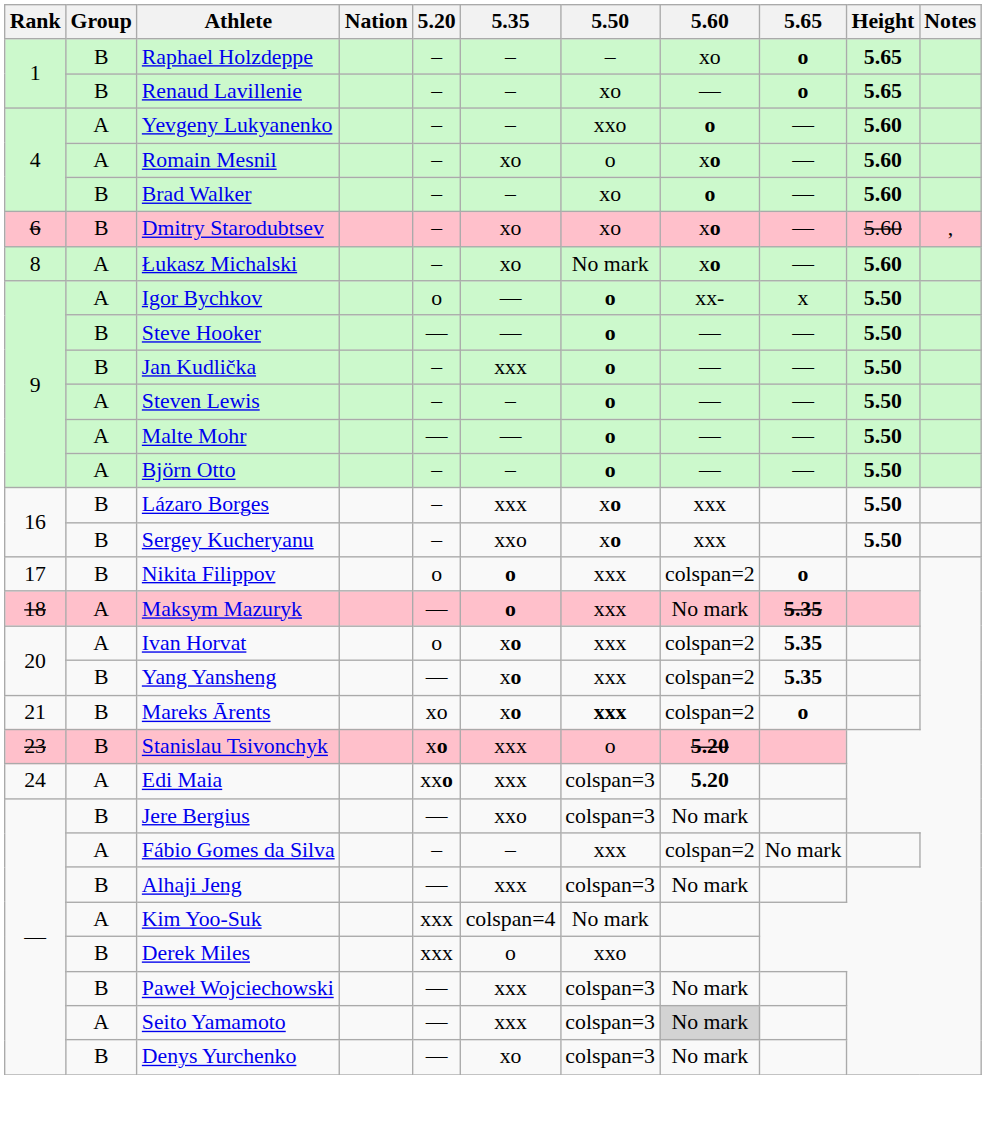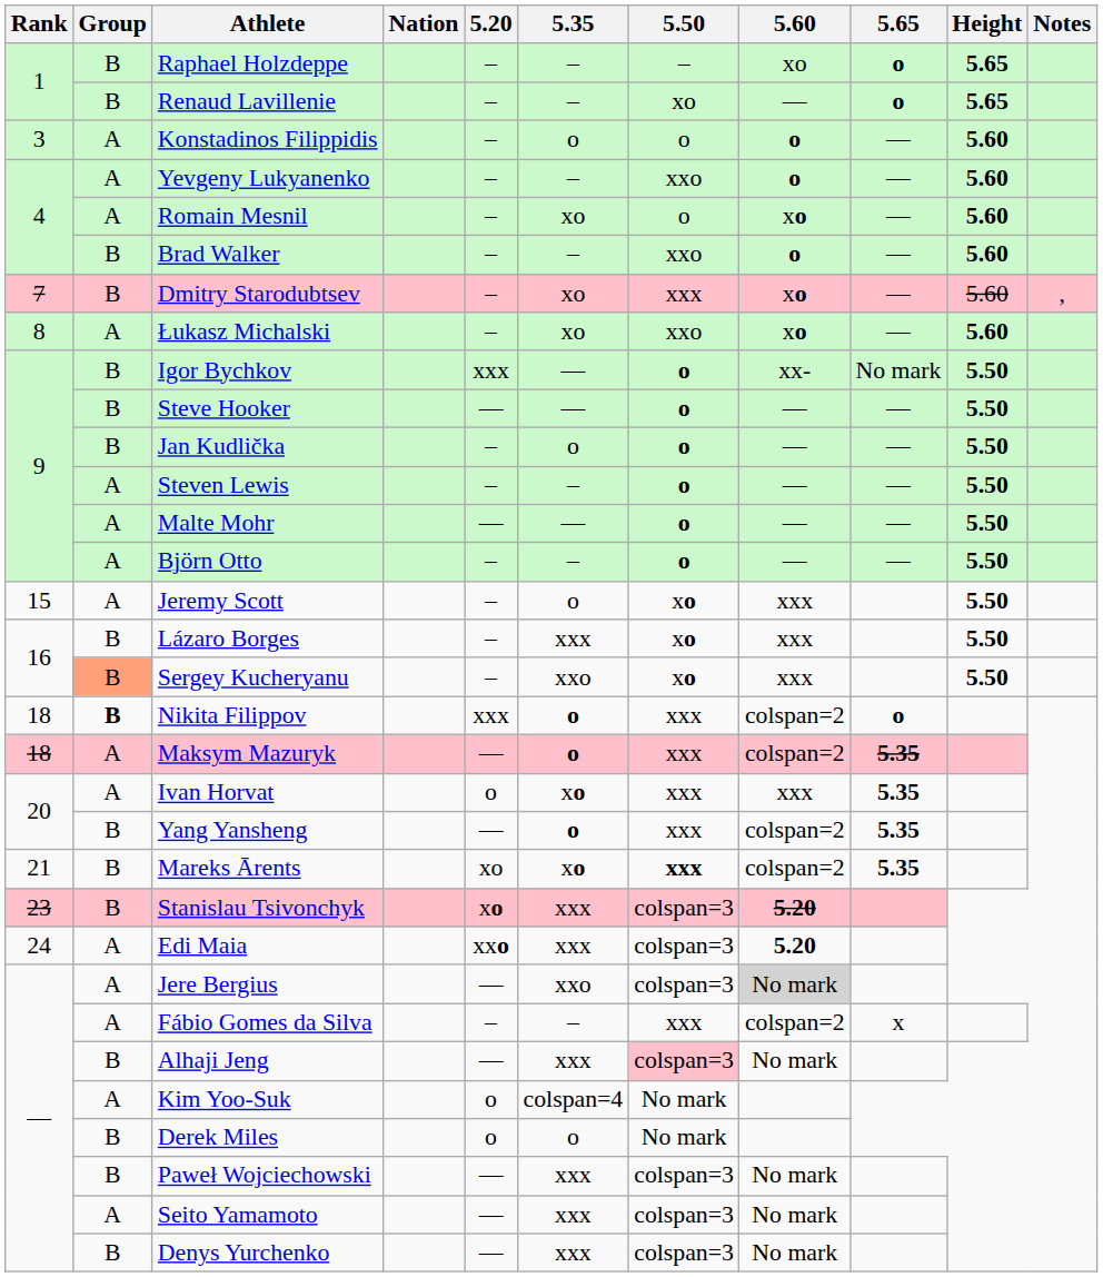 <table class="wikitable sortable" style="text-align:center">
 <tr>
 <th>Rank</th>
 <th>Group</th>
 <th>Athlete</th>
 <th>Nation</th>
 <th>5.20</th>
 <th>5.35</th>
 <th>5.50</th>
 <th>5.60</th>
 <th>5.65</th>
 <th>Height</th>
 <th>Notes</th>
 </tr>
 <tr bgcolor=#ccf9cc>
 <td rowspan=2>1</td>
 <td>B</td>
 <td align="left"><a href='#'>Raphael Holzdeppe</a></td>
 <td align="left"></td>
 <td>–</td>
 <td>–</td>
 <td>–</td>
 <td>xo</td>
 <td><strong>o</strong></td>
 <td><strong>5.65</strong></td>
 <td></td>
 </tr>
 <tr bgcolor=#ccf9cc>
 <td>B</td>
 <td align="left"><a href='#'>Renaud Lavillenie</a></td>
 <td align="left"></td>
 <td>–</td>
 <td>–</td>
 <td>xo</td>
 <td>—</td>
 <td><strong>o</strong></td>
 <td><strong>5.65</strong></td>
 <td></td>
 </tr>
 <tr bgcolor=#ccf9cc>
+<td>3</td>
+<td>A</td>
+<td align="left"><a href='#'>Konstadinos Filippidis</a></td>
+<td align="left"></td>
+<td>–</td>
+<td>o</td>
+<td>o</td>
+<td><strong>o</strong></td>
+<td>—</td>
+<td><strong>5.60</strong></td>
+<td></td>
+</tr>
+<tr bgcolor=#ccf9cc>
 <td rowspan=3>4</td>
 <td>A</td>
 <td align="left"><a href='#'>Yevgeny Lukyanenko</a></td>
 <td align="left"></td>
 <td>–</td>
 <td>–</td>
 <td>xxo</td>
 <td><strong>o</strong></td>
 <td>—</td>
 <td><strong>5.60</strong></td>
 <td></td>
 </tr>
 <tr bgcolor=#ccf9cc>
 <td>A</td>
 <td align="left"><a href='#'>Romain Mesnil</a></td>
 <td align="left"></td>
 <td>–</td>
 <td>xo</td>
 <td>o</td>
 <td>x<strong>o</strong></td>
 <td>—</td>
 <td><strong>5.60</strong></td>
 <td></td>
 </tr>
 <tr bgcolor=#ccf9cc>
 <td>B</td>
 <td align="left"><a href='#'>Brad Walker</a></td>
 <td align="left"></td>
 <td>–</td>
 <td>–</td>
-<td>xo</td>
+<td>xxo</td>
 <td><strong>o</strong></td>
 <td>—</td>
 <td><strong>5.60</strong></td>
 <td></td>
 </tr>
 <tr bgcolor=pink>
-<td><s>6</s></td>
+<td><s>7</s></td>
 <td>B</td>
 <td align="left"><a href='#'>Dmitry Starodubtsev</a></td>
 <td align="left"></td>
 <td>–</td>
 <td>xo</td>
-<td>xo</td>
+<td>xxx</td>
 <td>x<strong>o</strong></td>
 <td>—</td>
 <td><s>5.60</s></td>
 <td>, </td>
 </tr>
 <tr bgcolor=#ccf9cc>
 <td>8</td>
 <td>A</td>
 <td align="left"><a href='#'>Łukasz Michalski</a></td>
 <td align="left"></td>
 <td>–</td>
 <td>xo</td>
-<td data-sort-value=1.00>No mark</td>
+<td>xxo</td>
 <td>x<strong>o</strong></td>
 <td>—</td>
 <td><strong>5.60</strong></td>
 <td></td>
 </tr>
 <tr bgcolor=#ccf9cc>
 <td rowspan=6>9</td>
-<td>A</td>
+<td>B</td>
 <td align="left"><a href='#'>Igor Bychkov</a></td>
 <td align="left"></td>
-<td>o</td>
+<td>xxx</td>
 <td>—</td>
 <td><strong>o</strong></td>
 <td>xx-</td>
-<td>x</td>
+<td data-sort-value=1.00>No mark</td>
 <td><strong>5.50</strong></td>
 <td></td>
 </tr>
 <tr bgcolor=#ccf9cc>
 <td>B</td>
 <td align="left"><a href='#'>Steve Hooker</a></td>
 <td align="left"></td>
 <td>—</td>
 <td>—</td>
 <td><strong>o</strong></td>
 <td>—</td>
 <td>—</td>
 <td><strong>5.50</strong></td>
 <td></td>
 </tr>
 <tr bgcolor=#ccf9cc>
 <td>B</td>
 <td align="left"><a href='#'>Jan Kudlička</a></td>
 <td align="left"></td>
 <td>–</td>
-<td>xxx</td>
+<td>o</td>
 <td><strong>o</strong></td>
 <td>—</td>
 <td>—</td>
 <td><strong>5.50</strong></td>
 <td></td>
 </tr>
 <tr bgcolor=#ccf9cc>
 <td>A</td>
 <td align="left"><a href='#'>Steven Lewis</a></td>
 <td align="left"></td>
 <td>–</td>
 <td>–</td>
 <td><strong>o</strong></td>
 <td>—</td>
 <td>—</td>
 <td><strong>5.50</strong></td>
 <td></td>
 </tr>
 <tr bgcolor=#ccf9cc>
 <td>A</td>
 <td align="left"><a href='#'>Malte Mohr</a></td>
 <td align="left"></td>
 <td>—</td>
 <td>—</td>
 <td><strong>o</strong></td>
 <td>—</td>
 <td>—</td>
 <td><strong>5.50</strong></td>
 <td></td>
 </tr>
 <tr bgcolor=#ccf9cc>
 <td>A</td>
 <td align="left"><a href='#'>Björn Otto</a></td>
 <td align="left"></td>
 <td>–</td>
 <td>–</td>
 <td><strong>o</strong></td>
 <td>—</td>
 <td>—</td>
 <td><strong>5.50</strong></td>
 <td></td>
 </tr>
 <tr>
+<td>15</td>
+<td>A</td>
+<td align="left"><a href='#'>Jeremy Scott</a></td>
+<td align="left"></td>
+<td>–</td>
+<td>o</td>
+<td>x<strong>o</strong></td>
+<td>xxx</td>
+<td></td>
+<td><strong>5.50</strong></td>
+<td></td>
+</tr>
+<tr>
 <td rowspan=2>16</td>
 <td>B</td>
 <td align="left"><a href='#'>Lázaro Borges</a></td>
 <td align="left"></td>
 <td>–</td>
 <td>xxx</td>
 <td>x<strong>o</strong></td>
 <td>xxx</td>
 <td></td>
 <td><strong>5.50</strong></td>
 <td></td>
 </tr>
 <tr>
-<td>B</td>
+<td style="background: lightsalmon;">B</td>
 <td align="left"><a href='#'>Sergey Kucheryanu</a></td>
 <td align="left"></td>
 <td>–</td>
 <td>xxo</td>
 <td>x<strong>o</strong></td>
 <td>xxx</td>
 <td></td>
 <td><strong>5.50</strong></td>
 <td></td>
 </tr>
 <tr>
-<td>17</td>
-<td>B</td>
+<td>18</td>
+<td><strong>B</strong></td>
 <td align="left"><a href='#'>Nikita Filippov</a></td>
 <td align="left"></td>
-<td>o</td>
+<td>xxx</td>
 <td><strong>o</strong></td>
 <td>xxx</td>
 <td>colspan=2 </td>
 <td><strong>o</strong></td>
 <td></td>
 </tr>
 <tr bgcolor=pink>
 <td><s>18</s></td>
 <td>A</td>
 <td align="left"><a href='#'>Maksym Mazuryk</a></td>
 <td align="left"></td>
 <td>—</td>
 <td><strong>o</strong></td>
 <td>xxx</td>
-<td data-sort-value=1.00>No mark</td>
+<td>colspan=2 </td>
 <td><s><strong>5.35</strong></s></td>
 <td></td>
 </tr>
 <tr>
 <td rowspan=2>20</td>
 <td>A</td>
 <td align="left"><a href='#'>Ivan Horvat</a></td>
 <td align="left"></td>
 <td>o</td>
 <td>x<strong>o</strong></td>
 <td>xxx</td>
-<td>colspan=2 </td>
+<td>xxx</td>
 <td><strong>5.35</strong></td>
 <td></td>
 </tr>
 <tr>
 <td>B</td>
 <td align="left"><a href='#'>Yang Yansheng</a></td>
 <td align="left"></td>
 <td>—</td>
-<td>x<strong>o</strong></td>
+<td><strong>o</strong></td>
 <td>xxx</td>
 <td>colspan=2 </td>
 <td><strong>5.35</strong></td>
 <td></td>
 </tr>
 <tr>
 <td>21</td>
 <td>B</td>
 <td align="left"><a href='#'>Mareks Ārents</a></td>
 <td align="left"></td>
 <td>xo</td>
 <td>x<strong>o</strong></td>
 <td><strong>xxx</strong></td>
 <td>colspan=2 </td>
-<td><strong>o</strong></td>
+<td><strong>5.35</strong></td>
 <td></td>
 </tr>
 <tr bgcolor=pink>
 <td><s>23</s></td>
 <td>B</td>
 <td align="left"><a href='#'>Stanislau Tsivonchyk</a></td>
 <td align="left"></td>
 <td>x<strong>o</strong></td>
 <td>xxx</td>
-<td>o</td>
+<td>colspan=3 </td>
 <td><s><strong>5.20</strong></s></td>
 <td></td>
 </tr>
 <tr>
 <td>24</td>
 <td>A</td>
 <td align="left"><a href='#'>Edi Maia</a></td>
 <td align="left"></td>
 <td>xx<strong>o</strong></td>
 <td>xxx</td>
 <td>colspan=3 </td>
 <td><strong>5.20</strong></td>
 <td></td>
 </tr>
 <tr>
 <td rowspan=8 data-sort-value=25>—</td>
-<td>B</td>
+<td>A</td>
 <td align="left"><a href='#'>Jere Bergius</a></td>
 <td align="left"></td>
 <td>—</td>
 <td>xxo</td>
 <td>colspan=3 </td>
-<td data-sort-value=1.00>No mark</td>
+<td data-sort-value=1.00 style="background: lightgrey;">No mark</td>
 <td></td>
 </tr>
 <tr>
 <td>A</td>
 <td align="left"><a href='#'>Fábio Gomes da Silva</a></td>
 <td align="left"></td>
 <td>–</td>
 <td>–</td>
 <td>xxx</td>
 <td>colspan=2 </td>
-<td data-sort-value=1.00>No mark</td>
+<td>x</td>
 <td></td>
 </tr>
 <tr>
 <td>B</td>
 <td align="left"><a href='#'>Alhaji Jeng</a></td>
 <td align="left"></td>
 <td>—</td>
 <td>xxx</td>
-<td>colspan=3 </td>
+<td style="background: pink;">colspan=3 </td>
 <td data-sort-value=1.00>No mark</td>
 <td></td>
 </tr>
 <tr>
 <td>A</td>
 <td align="left"><a href='#'>Kim Yoo-Suk</a></td>
 <td align="left"></td>
-<td>xxx</td>
+<td>o</td>
 <td>colspan=4 </td>
 <td data-sort-value=1.00>No mark</td>
 <td></td>
 </tr>
 <tr>
 <td>B</td>
 <td align="left"><a href='#'>Derek Miles</a></td>
 <td align="left"></td>
-<td>xxx</td>
 <td>o</td>
-<td>xxo</td>
+<td>o</td>
+<td data-sort-value=1.00>No mark</td>
 <td></td>
 </tr>
 <tr>
 <td>B</td>
 <td align="left"><a href='#'>Paweł Wojciechowski</a></td>
 <td align="left"></td>
 <td>—</td>
 <td>xxx</td>
 <td>colspan=3 </td>
 <td data-sort-value=1.00>No mark</td>
 <td></td>
 </tr>
 <tr>
 <td>A</td>
 <td align="left"><a href='#'>Seito Yamamoto</a></td>
 <td align="left"></td>
 <td>—</td>
 <td>xxx</td>
 <td>colspan=3 </td>
-<td data-sort-value=1.00 style="background: lightgrey;">No mark</td>
+<td data-sort-value=1.00>No mark</td>
 <td></td>
 </tr>
 <tr>
 <td>B</td>
 <td align="left"><a href='#'>Denys Yurchenko</a></td>
 <td align="left"></td>
 <td>—</td>
-<td>xo</td>
+<td>xxx</td>
 <td>colspan=3 </td>
 <td data-sort-value=1.00>No mark</td>
 <td></td>
 </tr>
 </table>
